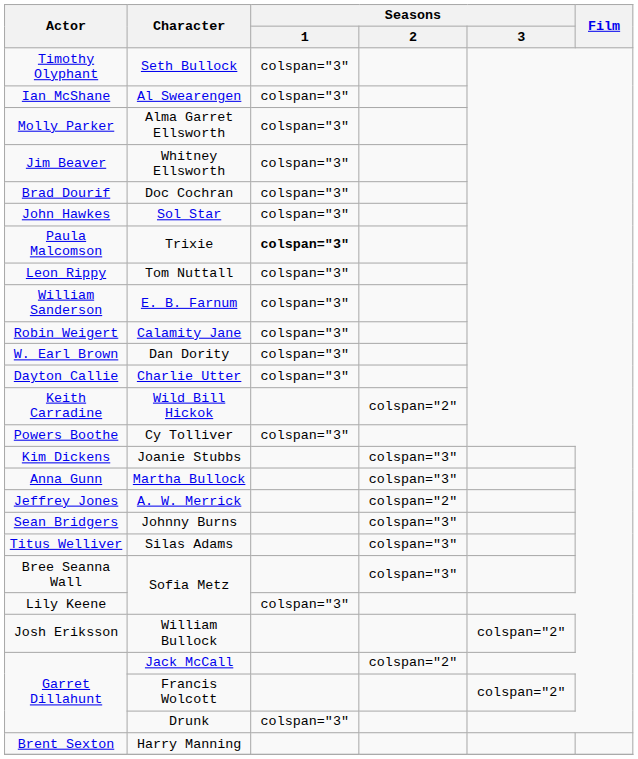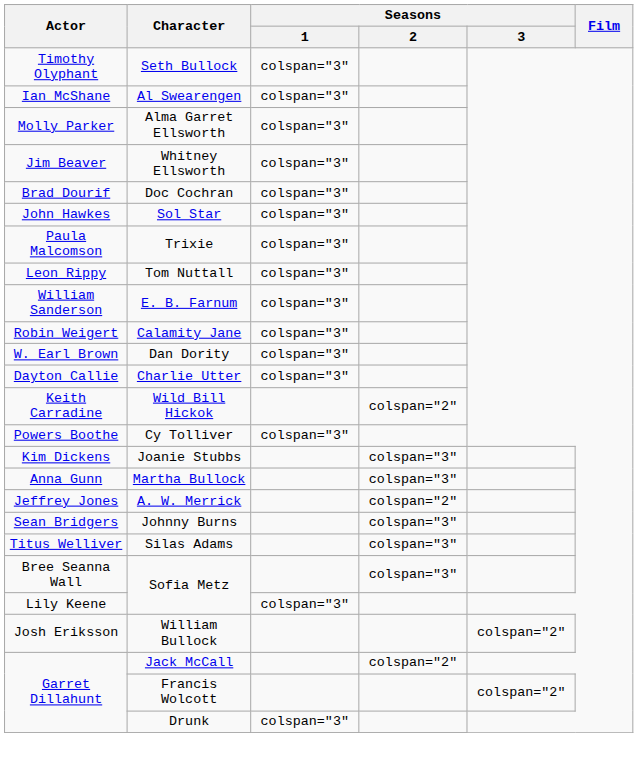 <table class="wikitable plainrowheaders" style="text-align:center">
 <tr>
 <th scope="col" rowspan="2" style="width:15%;">Actor</th>
 <th scope="col" rowspan="2" style="width:15%;">Character</th>
 <th scope="col" colspan="3" style="width:21%;">Seasons</th>
 <th scope="col" rowspan="2" style="width:7%;"><a href='#'>Film</a></th>
 </tr>
 <tr>
 <th scope="col" style="width:7%;">1</th>
 <th scope="col" style="width:7%;">2</th>
 <th scope="col" style="width:7%;">3</th>
 </tr>
 <tr>
 <td><a href='#'>Timothy Olyphant</a></td>
 <td><a href='#'>Seth Bullock</a></td>
 <td>colspan="3" </td>
 <td></td>
 </tr>
 <tr>
 <td><a href='#'>Ian McShane</a></td>
 <td><a href='#'>Al Swearengen</a></td>
 <td>colspan="3" </td>
 <td></td>
 </tr>
 <tr>
 <td><a href='#'>Molly Parker</a></td>
 <td>Alma Garret Ellsworth</td>
 <td>colspan="3" </td>
 <td></td>
 </tr>
 <tr>
 <td><a href='#'>Jim Beaver</a></td>
 <td>Whitney Ellsworth</td>
 <td>colspan="3" </td>
 <td></td>
 </tr>
 <tr>
 <td><a href='#'>Brad Dourif</a></td>
 <td>Doc Cochran</td>
 <td>colspan="3" </td>
 <td></td>
 </tr>
 <tr>
 <td><a href='#'>John Hawkes</a></td>
 <td><a href='#'>Sol Star</a></td>
 <td>colspan="3" </td>
 <td></td>
 </tr>
 <tr>
 <td><a href='#'>Paula Malcomson</a></td>
 <td>Trixie</td>
-<td><strong>colspan="3" </strong></td>
+<td>colspan="3" </td>
 <td></td>
 </tr>
 <tr>
 <td><a href='#'>Leon Rippy</a></td>
 <td>Tom Nuttall</td>
 <td>colspan="3" </td>
 <td></td>
 </tr>
 <tr>
 <td><a href='#'>William Sanderson</a></td>
 <td><a href='#'>E. B. Farnum</a></td>
 <td>colspan="3" </td>
 <td></td>
 </tr>
 <tr>
 <td><a href='#'>Robin Weigert</a></td>
 <td><a href='#'>Calamity Jane</a></td>
 <td>colspan="3" </td>
 <td></td>
 </tr>
 <tr>
 <td><a href='#'>W. Earl Brown</a></td>
 <td>Dan Dority</td>
 <td>colspan="3" </td>
 <td></td>
 </tr>
 <tr>
 <td><a href='#'>Dayton Callie</a></td>
 <td><a href='#'>Charlie Utter</a></td>
 <td>colspan="3" </td>
 <td></td>
 </tr>
 <tr>
 <td><a href='#'>Keith Carradine</a></td>
 <td><a href='#'>Wild Bill Hickok</a></td>
 <td></td>
 <td>colspan="2" </td>
 </tr>
 <tr>
 <td><a href='#'>Powers Boothe</a></td>
 <td>Cy Tolliver</td>
 <td>colspan="3" </td>
 <td></td>
 </tr>
 <tr>
 <td><a href='#'>Kim Dickens</a></td>
 <td>Joanie Stubbs</td>
 <td></td>
 <td>colspan="3" </td>
 <td></td>
 </tr>
 <tr>
 <td><a href='#'>Anna Gunn</a></td>
 <td><a href='#'>Martha Bullock</a></td>
 <td></td>
 <td>colspan="3" </td>
 <td></td>
 </tr>
 <tr>
 <td><a href='#'>Jeffrey Jones</a></td>
 <td><a href='#'>A. W. Merrick</a></td>
 <td></td>
 <td>colspan="2" </td>
 <td></td>
 </tr>
 <tr>
 <td><a href='#'>Sean Bridgers</a></td>
 <td>Johnny Burns</td>
 <td></td>
 <td>colspan="3" </td>
 <td></td>
 </tr>
 <tr>
 <td><a href='#'>Titus Welliver</a></td>
 <td>Silas Adams</td>
 <td></td>
 <td>colspan="3" </td>
 <td></td>
 </tr>
 <tr>
 <td>Bree Seanna Wall</td>
 <td rowspan="2">Sofia Metz</td>
 <td></td>
 <td>colspan="3" </td>
 <td></td>
 </tr>
 <tr>
 <td>Lily Keene</td>
 <td>colspan="3" </td>
 <td></td>
 </tr>
 <tr>
 <td>Josh Eriksson</td>
 <td>William Bullock</td>
 <td></td>
 <td></td>
 <td>colspan="2" </td>
 </tr>
 <tr>
 <td rowspan="3"><a href='#'>Garret Dillahunt</a></td>
 <td><a href='#'>Jack McCall</a></td>
 <td></td>
 <td>colspan="2" </td>
 </tr>
 <tr>
 <td>Francis Wolcott</td>
 <td></td>
 <td></td>
 <td>colspan="2" </td>
 </tr>
 <tr>
 <td>Drunk</td>
 <td>colspan="3" </td>
 <td></td>
 </tr>
 <tr>
-<td><a href='#'>Brent Sexton</a></td>
-<td>Harry Manning</td>
-<td></td>
-<td></td>
-<td></td>
-<td></td>
-</tr>
-<tr>
 </tr>
 </table>
